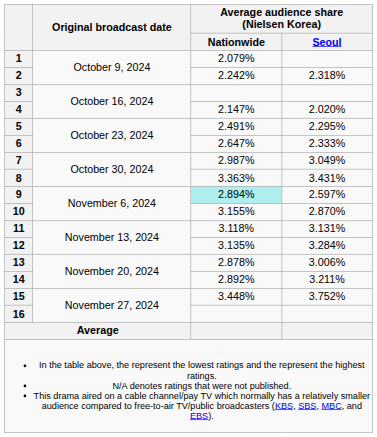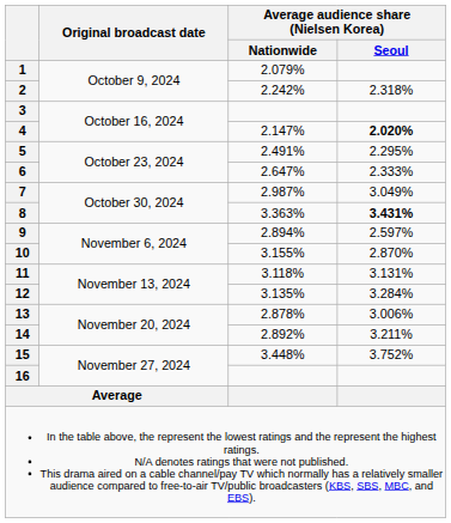 <table class="wikitable" style="margin-left:auto; margin-right:auto; width:550px; text-align:center">
 <tr>
 <th scope="col" rowspan="2"></th>
 <th scope="col" rowspan="2">Original broadcast date</th>
 <th scope="col" colspan="2">Average audience share<br>(Nielsen Korea)</th>
 </tr>
 <tr>
 <th scope="col" style="width:8em">Nationwide</th>
 <th scope="col" style="width:8em"><a href='#'>Seoul</a></th>
 </tr>
 <tr>
 <th scope="row">1</th>
 <td rowspan="2">October 9, 2024</td>
 <td>2.079% </td>
 <td><strong></strong> </td>
 </tr>
 <tr>
 <th scope="row">2</th>
 <td>2.242% </td>
 <td>2.318% </td>
 </tr>
 <tr>
 <th scope="row">3</th>
 <td rowspan="2">October 16, 2024</td>
 <td><strong></strong> </td>
 <td></td>
 </tr>
 <tr>
 <th scope="row">4</th>
 <td>2.147% </td>
-<td>2.020% </td>
+<td><strong>2.020% </strong></td>
 </tr>
 <tr>
 <th scope="row">5</th>
 <td rowspan="2">October 23, 2024</td>
 <td>2.491% </td>
 <td>2.295% </td>
 </tr>
 <tr>
 <th scope="row">6</th>
 <td>2.647% </td>
 <td>2.333% </td>
 </tr>
 <tr>
 <th scope="row">7</th>
 <td rowspan="2">October 30, 2024</td>
 <td>2.987% </td>
 <td>3.049% </td>
 </tr>
 <tr>
 <th scope="row">8</th>
 <td>3.363% </td>
-<td>3.431% </td>
+<td><strong>3.431% </strong></td>
 </tr>
 <tr>
 <th scope="row">9</th>
 <td rowspan="2">November 6, 2024</td>
-<td style="background: paleturquoise;">2.894% </td>
+<td>2.894% </td>
 <td>2.597% </td>
 </tr>
 <tr>
 <th scope="row">10</th>
 <td>3.155% </td>
 <td>2.870% </td>
 </tr>
 <tr>
 <th scope="row">11</th>
 <td rowspan="2">November 13, 2024</td>
 <td>3.118% </td>
 <td>3.131% </td>
 </tr>
 <tr>
 <th scope="row">12</th>
 <td>3.135% </td>
 <td>3.284% </td>
 </tr>
 <tr>
 <th scope="row">13</th>
 <td rowspan="2">November 20, 2024</td>
 <td>2.878% </td>
 <td>3.006% </td>
 </tr>
 <tr>
 <th scope="row">14</th>
 <td>2.892% </td>
 <td>3.211% </td>
 </tr>
 <tr>
 <th scope="row">15</th>
 <td rowspan="2">November 27, 2024</td>
 <td>3.448% </td>
 <td>3.752% </td>
 </tr>
 <tr>
 <th scope="row">16</th>
 <td><strong></strong> </td>
 <td><strong></strong> </td>
 </tr>
 <tr>
 <th scope="col" colspan="2">Average</th>
 <th scope="col"></th>
 <th scope="col"></th>
 </tr>
 <tr>
 <td colspan="4" style="font-size:85%"><br><ul><li>In the table above, the <strong></strong> represent the lowest ratings and the <strong></strong> represent the highest ratings.</li><li>N/A denotes ratings that were not published.</li><li>This drama aired on a cable channel/pay TV which normally has a relatively smaller audience compared to free-to-air TV/public broadcasters (<a href='#'>KBS</a>, <a href='#'>SBS</a>, <a href='#'>MBC</a>, and <a href='#'>EBS</a>).</li></ul></td>
 </tr>
 </table>
